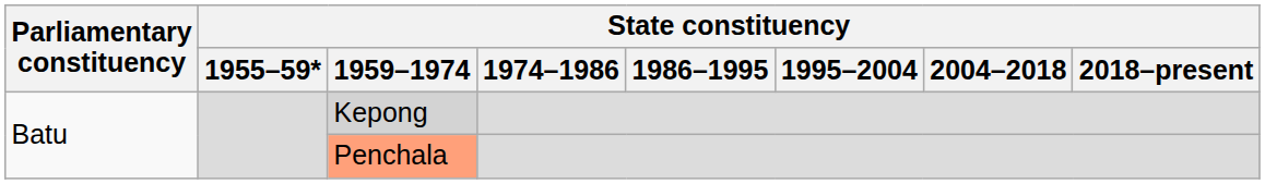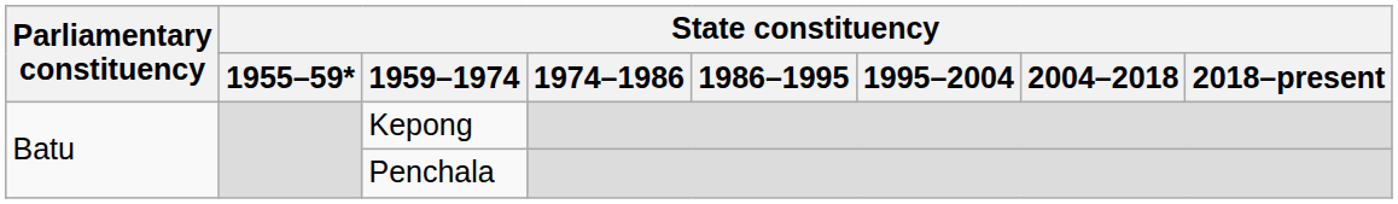 <table class="wikitable">
 <tr>
 <th rowspan="2">Parliamentary<br>constituency</th>
 <th colspan="7">State constituency</th>
 </tr>
 <tr>
 <th>1955–59*</th>
 <th>1959–1974</th>
 <th>1974–1986</th>
 <th>1986–1995</th>
 <th>1995–2004</th>
 <th>2004–2018</th>
 <th>2018–present</th>
 </tr>
 <tr>
 <td rowspan="2">Batu</td>
 <td rowspan="2" bgcolor="dcdcdc"></td>
-<td style="background: lightgrey;">Kepong</td>
+<td>Kepong</td>
 <td colspan="5" bgcolor="dcdcdc"></td>
 </tr>
 <tr>
-<td style="background: lightsalmon;">Penchala</td>
+<td>Penchala</td>
 <td colspan="5" bgcolor="dcdcdc"></td>
 </tr>
 </table>
